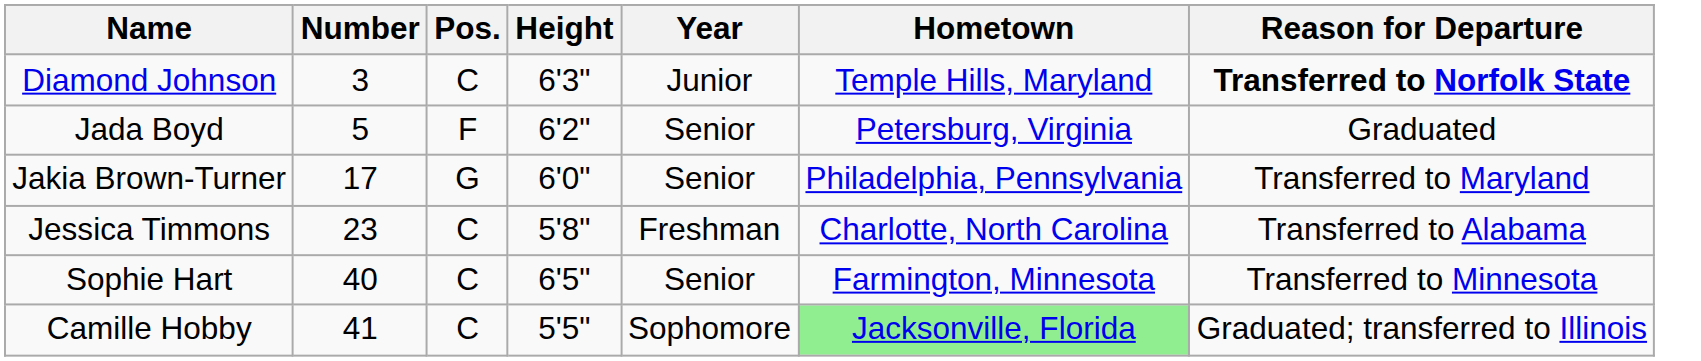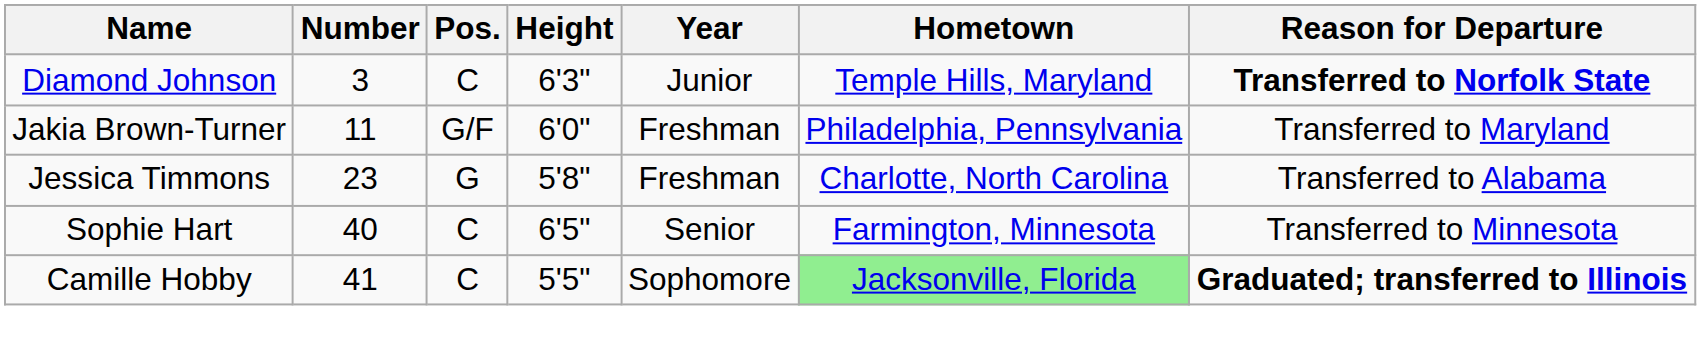 <table class="wikitable sortable" border="1" style="text-align: center;">
 <tr align=center>
 <th>Name</th>
 <th>Number</th>
 <th>Pos.</th>
 <th>Height</th>
 <th>Year</th>
 <th>Hometown</th>
 <th>Reason for Departure</th>
 </tr>
 <tr>
 <td><a href='#'>Diamond Johnson</a></td>
 <td>3</td>
 <td>C</td>
 <td>6'3"</td>
 <td>Junior</td>
 <td><a href='#'>Temple Hills, Maryland</a></td>
 <td><strong>Transferred to <a href='#'>Norfolk State</a></strong></td>
 </tr>
 <tr>
-<td>Jada Boyd</td>
-<td>5</td>
-<td>F</td>
-<td>6'2"</td>
-<td>Senior</td>
-<td><a href='#'>Petersburg, Virginia</a></td>
-<td>Graduated</td>
-</tr>
-<tr>
 <td>Jakia Brown-Turner</td>
-<td>17</td>
-<td>G</td>
+<td>11</td>
+<td>G/F</td>
 <td>6'0"</td>
-<td>Senior</td>
+<td>Freshman</td>
 <td><a href='#'>Philadelphia, Pennsylvania</a></td>
 <td>Transferred to <a href='#'>Maryland</a></td>
 </tr>
 <tr>
 <td>Jessica Timmons</td>
 <td>23</td>
-<td>C</td>
+<td>G</td>
 <td>5'8"</td>
 <td>Freshman</td>
 <td><a href='#'>Charlotte, North Carolina</a></td>
 <td>Transferred to <a href='#'>Alabama</a></td>
 </tr>
 <tr>
 <td>Sophie Hart</td>
 <td>40</td>
 <td>C</td>
 <td>6'5"</td>
 <td>Senior</td>
 <td><a href='#'>Farmington, Minnesota</a></td>
 <td>Transferred to <a href='#'>Minnesota</a></td>
 </tr>
 <tr>
 <td>Camille Hobby</td>
 <td>41</td>
 <td>C</td>
 <td>5'5"</td>
 <td>Sophomore</td>
 <td style="background: lightgreen;"><a href='#'>Jacksonville, Florida</a></td>
-<td>Graduated; transferred to <a href='#'>Illinois</a></td>
+<td><strong>Graduated; transferred to <a href='#'>Illinois</a></strong></td>
 </tr>
 </table>
